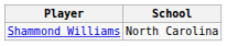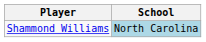 <table class="wikitable sortable">
 <tr>
 <th>Player</th>
 <th>School</th>
 </tr>
 <tr>
 <td><a href='#'>Shammond Williams</a></td>
-<td>North Carolina</td>
+<td style="background: lightblue;">North Carolina</td>
 </tr>
 </table>
